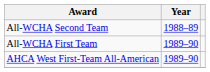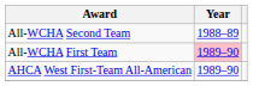 <table class="wikitable">
 <tr>
 <th>Award</th>
 <th>Year</th>
 <th></th>
 </tr>
 <tr>
 <td>All-<a href='#'>WCHA</a> <a href='#'>Second Team</a></td>
 <td><a href='#'>1988–89</a></td>
 <td></td>
 </tr>
 <tr>
 <td>All-<a href='#'>WCHA</a> <a href='#'>First Team</a></td>
-<td><a href='#'>1989–90</a></td>
+<td style="background: pink;"><a href='#'>1989–90</a></td>
 <td></td>
 </tr>
 <tr>
 <td><a href='#'>AHCA</a> <a href='#'>West First-Team All-American</a></td>
 <td><a href='#'>1989–90</a></td>
 <td></td>
 </tr>
 <tr>
 </tr>
 </table>
